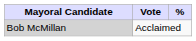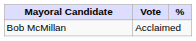 <table class="wikitable">
 <tr>
 <th style="background:#ddf; width:200px;">Mayoral Candidate </th>
 <th style="background:#ddf; width:50px;">Vote</th>
 <th style="background:#ddf; width:30px;">%</th>
 </tr>
 <tr>
-<td style="background: lightgrey;">Bob McMillan</td>
+<td>Bob McMillan</td>
 <td colspan="2">Acclaimed</td>
 </tr>
 </table>
